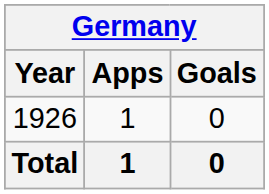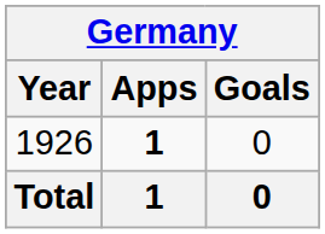 <table class="wikitable" style="text-align:center">
 <tr>
 <th colspan=3><a href='#'>Germany</a></th>
 </tr>
 <tr>
 <th>Year</th>
 <th>Apps</th>
 <th>Goals</th>
 </tr>
 <tr>
 <td>1926</td>
-<td>1</td>
+<td><strong>1</strong></td>
 <td>0</td>
 </tr>
 <tr>
 <th>Total</th>
 <th>1</th>
 <th>0</th>
 </tr>
 </table>
